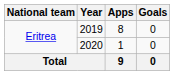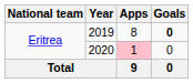 <table class="wikitable" style="text-align:center">
 <tr>
 <th>National team</th>
 <th>Year</th>
 <th>Apps</th>
 <th>Goals</th>
 </tr>
 <tr>
 <td rowspan="2"><a href='#'>Eritrea</a></td>
 <td>2019</td>
 <td>8</td>
-<td>0</td>
+<td><strong>0</strong></td>
 </tr>
 <tr>
 <td>2020</td>
-<td>1</td>
+<td style="background: pink;">1</td>
 <td>0</td>
 </tr>
 <tr>
 <th colspan="2">Total</th>
 <th>9</th>
 <th>0</th>
 </tr>
 </table>
